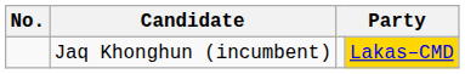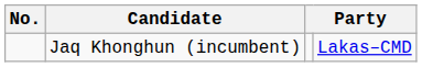 <table class="wikitable sortable" style="text-align:left;">
 <tr>
 <th>No.</th>
 <th>Candidate</th>
 <th colspan="2">Party</th>
 </tr>
 <tr>
 <td></td>
 <td>Jaq Khonghun (incumbent)</td>
 <td></td>
-<td style="background: gold;"><a href='#'>Lakas–CMD</a></td>
+<td><a href='#'>Lakas–CMD</a></td>
 </tr>
 </table>
